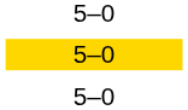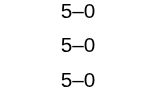 <table style="font-size:90%">
 <tr>
 <th width="150"></th>
 <th width="100"></th>
 <th width="150"></th>
 </tr>
 <tr>
 <td align="right"><strong></strong></td>
 <td align="center">5–0</td>
 <td></td>
 </tr>
 <tr>
 <td></td>
 <td></td>
 <td></td>
 </tr>
 <tr>
 <td align="right"><strong></strong></td>
-<td align="center" style="background: gold;">5–0</td>
+<td align="center">5–0</td>
 <td></td>
 </tr>
 <tr>
 <td></td>
 <td></td>
 <td></td>
 </tr>
 <tr>
 <td align="right"><strong></strong></td>
 <td align="center">5–0</td>
 <td></td>
 </tr>
 <tr>
 <td></td>
 <td></td>
 <td></td>
 </tr>
 <tr>
 </tr>
 </table>
